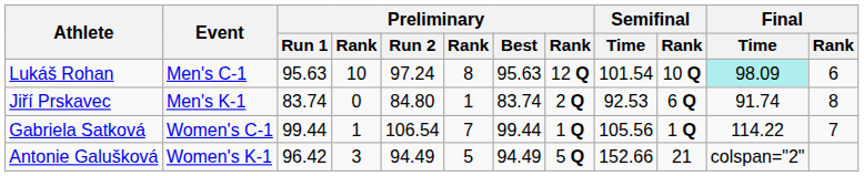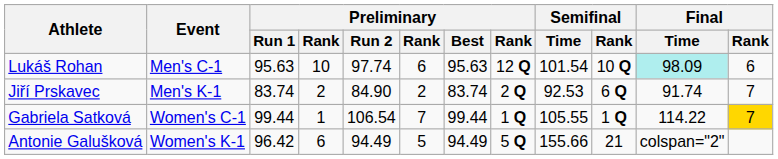 <table class="wikitable" style="font-size:90%">
 <tr>
 <th rowspan=2>Athlete</th>
 <th rowspan=2>Event</th>
 <th colspan=6>Preliminary</th>
 <th colspan=2>Semifinal</th>
 <th colspan=2>Final</th>
 </tr>
 <tr style="font-size:95%">
 <th>Run 1</th>
 <th>Rank</th>
 <th>Run 2</th>
 <th>Rank</th>
 <th>Best</th>
 <th>Rank</th>
 <th>Time</th>
 <th>Rank</th>
 <th>Time</th>
 <th>Rank</th>
 </tr>
 <tr align=center>
 <td align=left><a href='#'>Lukáš Rohan</a></td>
 <td align=left><a href='#'>Men's C-1</a></td>
 <td>95.63</td>
 <td>10</td>
-<td>97.24</td>
-<td>8</td>
+<td>97.74</td>
+<td>6</td>
 <td>95.63</td>
 <td>12 <strong>Q</strong></td>
 <td>101.54</td>
 <td>10 <strong>Q</strong></td>
 <td style="background: paleturquoise;">98.09</td>
 <td>6</td>
 </tr>
 <tr align=center>
 <td align=left><a href='#'>Jiří Prskavec</a></td>
 <td align=left><a href='#'>Men's K-1</a></td>
 <td>83.74</td>
-<td>0</td>
-<td>84.80</td>
-<td>1</td>
+<td>2</td>
+<td>84.90</td>
+<td>2</td>
 <td>83.74</td>
 <td>2 <strong>Q</strong></td>
 <td>92.53</td>
 <td>6 <strong>Q</strong></td>
 <td>91.74</td>
-<td>8</td>
+<td>7</td>
 </tr>
 <tr align=center>
 <td align=left><a href='#'>Gabriela Satková</a></td>
 <td align=left><a href='#'>Women's C-1</a></td>
 <td>99.44</td>
 <td>1</td>
 <td>106.54</td>
 <td>7</td>
 <td>99.44</td>
 <td>1 <strong>Q</strong></td>
-<td>105.56</td>
+<td>105.55</td>
 <td>1 <strong>Q</strong></td>
 <td>114.22</td>
-<td>7</td>
+<td style="background: gold;">7</td>
 </tr>
 <tr align=center>
 <td align=left><a href='#'>Antonie Galušková</a></td>
 <td align=left><a href='#'>Women's K-1</a></td>
 <td>96.42</td>
-<td>3</td>
+<td>6</td>
 <td>94.49</td>
 <td>5</td>
 <td>94.49</td>
 <td>5 <strong>Q</strong></td>
-<td>152.66</td>
+<td>155.66</td>
 <td>21</td>
 <td>colspan="2" </td>
 </tr>
 </table>
